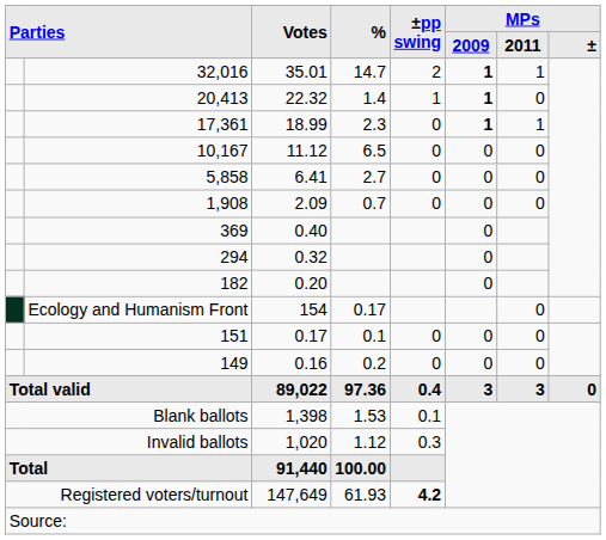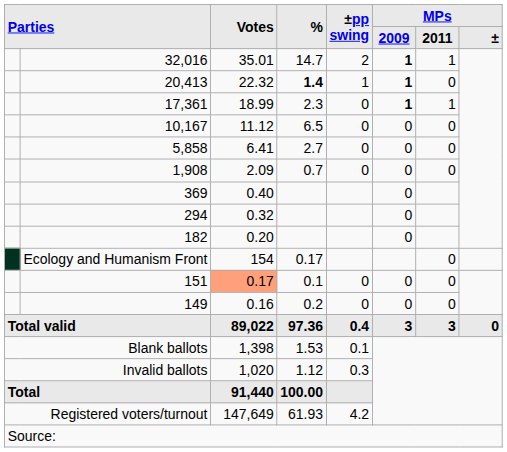 <table class="wikitable" style="text-align:right; font-size:95%;">
 <tr>
 <th rowspan="2" colspan="2" style="background:#e9e9e9; text-align:left;" alignleft><a href='#'>Parties</a></th>
 <th rowspan="2" style="background:#e9e9e9; text-align:right;">Votes</th>
 <th rowspan="2" style="background:#e9e9e9; text-align:right;">%</th>
 <th rowspan="2" style="background:#e9e9e9; text-align:right;">±<a href='#'>pp</a> <a href='#'>swing</a></th>
 <th colspan="3" style="background:#e9e9e9; text-align:center;"><a href='#'>MPs</a></th>
 </tr>
 <tr style="background-color:#E9E9E9">
 <th style="background-color:#E9E9E9;text-align:center;"><a href='#'>2009</a></th>
 <th style="background-color:#E9E9E9;text-align:center;">2011</th>
 <th style="background:#e9e9e9; text-align:right;">±</th>
 </tr>
 <tr>
 <td></td>
 <td>32,016</td>
 <td>35.01</td>
 <td>14.7</td>
 <td>2</td>
 <td><strong>1</strong></td>
 <td>1</td>
 </tr>
 <tr>
 <td></td>
 <td>20,413</td>
 <td>22.32</td>
-<td>1.4</td>
+<td><strong>1.4</strong></td>
 <td>1</td>
 <td><strong>1</strong></td>
 <td>0</td>
 </tr>
 <tr>
 <td></td>
 <td>17,361</td>
 <td>18.99</td>
 <td>2.3</td>
 <td>0</td>
 <td><strong>1</strong></td>
 <td>1</td>
 </tr>
 <tr>
 <td></td>
 <td>10,167</td>
 <td>11.12</td>
 <td>6.5</td>
 <td>0</td>
 <td>0</td>
 <td>0</td>
 </tr>
 <tr>
 <td></td>
 <td>5,858</td>
 <td>6.41</td>
 <td>2.7</td>
 <td>0</td>
 <td>0</td>
 <td>0</td>
 </tr>
 <tr>
 <td></td>
 <td>1,908</td>
 <td>2.09</td>
 <td>0.7</td>
 <td>0</td>
 <td>0</td>
 <td>0</td>
 </tr>
 <tr>
 <td></td>
 <td>369</td>
 <td>0.40</td>
 <td></td>
 <td></td>
 <td>0</td>
 <td></td>
 </tr>
 <tr>
 <td></td>
 <td>294</td>
 <td>0.32</td>
 <td></td>
 <td></td>
 <td>0</td>
 <td></td>
 </tr>
 <tr>
 <td></td>
 <td>182</td>
 <td>0.20</td>
 <td></td>
 <td></td>
 <td>0</td>
 <td></td>
 </tr>
 <tr>
 <td style="width:10px;background-color:#013220;text-align:center;"></td>
 <td style="text-align:left;">Ecology and Humanism Front </td>
 <td>154</td>
 <td>0.17</td>
 <td></td>
 <td></td>
 <td>0</td>
 <td></td>
 </tr>
 <tr>
 <td></td>
 <td>151</td>
-<td>0.17</td>
+<td style="background: lightsalmon;">0.17</td>
 <td>0.1</td>
 <td>0</td>
 <td>0</td>
 <td>0</td>
 </tr>
 <tr>
 <td></td>
 <td>149</td>
 <td>0.16</td>
 <td>0.2</td>
 <td>0</td>
 <td>0</td>
 <td>0</td>
 </tr>
 <tr>
 <td colspan=2 align=left style="background-color:#E9E9E9"><strong>Total valid</strong></td>
 <td width="65" align="right" style="background-color:#E9E9E9"><strong>89,022</strong></td>
 <td width="40" align="right" style="background-color:#E9E9E9"><strong>97.36</strong></td>
 <td width="40" align="right" style="background-color:#E9E9E9"><strong>0.4</strong></td>
 <td width="40" align="right" style="background-color:#E9E9E9"><strong>3</strong></td>
 <td width="40" align="right" style="background-color:#E9E9E9"><strong>3</strong></td>
 <td width="40" align="right" style="background-color:#E9E9E9"><strong>0</strong></td>
 </tr>
 <tr>
 <td colspan=2>Blank ballots</td>
 <td>1,398</td>
 <td>1.53</td>
 <td>0.1</td>
 <td colspan=4 rowspan=4></td>
 </tr>
 <tr>
 <td colspan=2>Invalid ballots</td>
 <td>1,020</td>
 <td>1.12</td>
 <td>0.3</td>
 </tr>
 <tr>
 <td colspan=2 align=left style="background-color:#E9E9E9"><strong>Total</strong></td>
 <td width="50" align="right" style="background-color:#E9E9E9"><strong>91,440</strong></td>
 <td width="40" align="right" style="background-color:#E9E9E9"><strong>100.00</strong></td>
 <td width="40" align="right" style="background-color:#E9E9E9"></td>
 </tr>
 <tr>
 <td colspan=2>Registered voters/turnout</td>
 <td>147,649</td>
 <td>61.93</td>
-<td><strong>4.2</strong></td>
+<td>4.2</td>
 </tr>
 <tr>
 <td colspan=11 align=left>Source: </td>
 </tr>
 </table>
